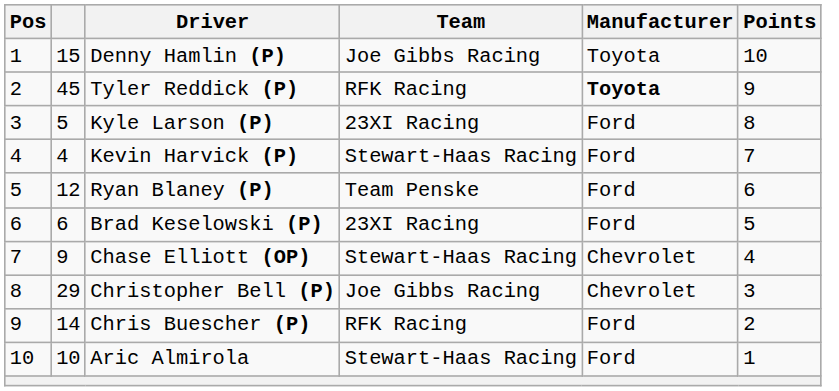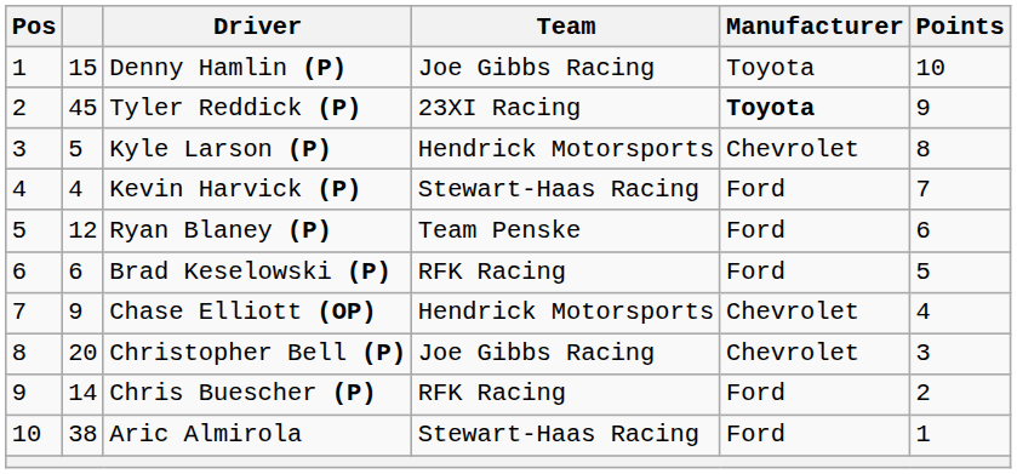 <table class="wikitable" style="font-size:98%">
 <tr>
 <th>Pos</th>
 <th></th>
 <th>Driver</th>
 <th>Team</th>
 <th>Manufacturer</th>
 <th>Points</th>
 </tr>
 <tr>
 <td>1</td>
 <td>15</td>
 <td>Denny Hamlin <strong>(P)</strong></td>
 <td>Joe Gibbs Racing</td>
 <td>Toyota</td>
 <td>10</td>
 </tr>
 <tr>
 <td>2</td>
 <td>45</td>
 <td>Tyler Reddick <strong>(P)</strong></td>
-<td>RFK Racing</td>
+<td>23XI Racing</td>
 <td><strong>Toyota</strong></td>
 <td>9</td>
 </tr>
 <tr>
 <td>3</td>
 <td>5</td>
 <td>Kyle Larson <strong>(P)</strong></td>
-<td>23XI Racing</td>
-<td>Ford</td>
+<td>Hendrick Motorsports</td>
+<td>Chevrolet</td>
 <td>8</td>
 </tr>
 <tr>
 <td>4</td>
 <td>4</td>
 <td>Kevin Harvick <strong>(P)</strong></td>
 <td>Stewart-Haas Racing</td>
 <td>Ford</td>
 <td>7</td>
 </tr>
 <tr>
 <td>5</td>
 <td>12</td>
 <td>Ryan Blaney <strong>(P)</strong></td>
 <td>Team Penske</td>
 <td>Ford</td>
 <td>6</td>
 </tr>
 <tr>
 <td>6</td>
 <td>6</td>
 <td>Brad Keselowski <strong>(P)</strong></td>
-<td>23XI Racing</td>
+<td>RFK Racing</td>
 <td>Ford</td>
 <td>5</td>
 </tr>
 <tr>
 <td>7</td>
 <td>9</td>
 <td>Chase Elliott <strong>(OP)</strong></td>
-<td>Stewart-Haas Racing</td>
+<td>Hendrick Motorsports</td>
 <td>Chevrolet</td>
 <td>4</td>
 </tr>
 <tr>
 <td>8</td>
-<td>29</td>
+<td>20</td>
 <td>Christopher Bell <strong>(P)</strong></td>
 <td>Joe Gibbs Racing</td>
 <td>Chevrolet</td>
 <td>3</td>
 </tr>
 <tr>
 <td>9</td>
 <td>14</td>
 <td>Chris Buescher <strong>(P)</strong></td>
 <td>RFK Racing</td>
 <td>Ford</td>
 <td>2</td>
 </tr>
 <tr>
 <td>10</td>
-<td>10</td>
+<td>38</td>
 <td>Aric Almirola</td>
 <td>Stewart-Haas Racing</td>
 <td>Ford</td>
 <td>1</td>
 </tr>
 <tr>
 <th colspan="6"></th>
 </tr>
 </table>
